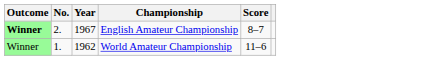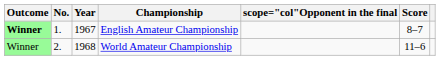 <table class="wikitable sortable">
 <tr>
 <th scope="col">Outcome</th>
 <th scope="col">No.</th>
 <th scope="col">Year</th>
 <th scope="col">Championship</th>
+<th>scope="col"Opponent in the final</th>
 <th scope="col">Score</th>
 <th scope="col"></th>
 </tr>
 <tr>
 <td style="background:#98FB98"><strong>Winner</strong></td>
-<td>2.</td>
+<td>1.</td>
 <td>1967</td>
 <td><a href='#'>English Amateur Championship</a></td>
+<td></td>
 <td align="center">8–7</td>
 <td></td>
 </tr>
 <tr>
 <td style="background:#98FB98">Winner</td>
-<td>1.</td>
-<td>1962</td>
+<td>2.</td>
+<td>1968</td>
 <td><a href='#'>World Amateur Championship</a></td>
+<td></td>
 <td align="center">11–6</td>
 <td></td>
 </tr>
 </table>
